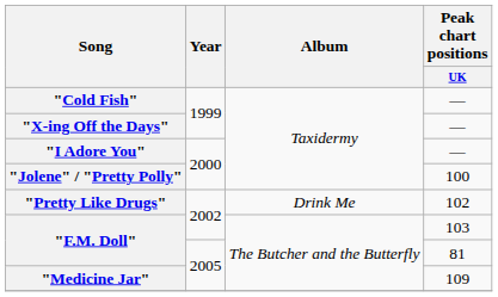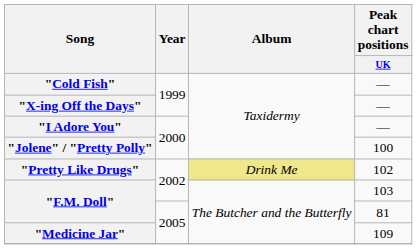 <table class="wikitable plainrowheaders" style="text-align:center;" border="1">
 <tr>
 <th rowspan="2">Song</th>
 <th rowspan="2">Year</th>
 <th rowspan="2">Album</th>
 <th colspan="1">Peak chart positions</th>
 </tr>
 <tr>
 <th style="width:3em;font-size:75%"><a href='#'>UK</a><br></th>
 </tr>
 <tr>
 <th scope="row">"<a href='#'>Cold Fish</a>"</th>
 <td rowspan="2">1999</td>
 <td rowspan="4"><em>Taxidermy</em></td>
 <td>—</td>
 </tr>
 <tr>
 <th scope="row">"<a href='#'>X-ing Off the Days</a>"</th>
 <td>—</td>
 </tr>
 <tr>
 <th scope="row">"<a href='#'>I Adore You</a>"</th>
 <td rowspan="2">2000</td>
 <td>—</td>
 </tr>
 <tr>
 <th scope="row">"<a href='#'>Jolene</a>" / "<a href='#'>Pretty Polly</a>"</th>
 <td>100</td>
 </tr>
 <tr>
 <th scope="row">"<a href='#'>Pretty Like Drugs</a>"</th>
 <td rowspan="2">2002</td>
-<td><em>Drink Me</em></td>
+<td style="background: khaki;"><em>Drink Me</em></td>
 <td>102</td>
 </tr>
 <tr>
 <th rowspan="2" scope="row">"<a href='#'>F.M. Doll</a>"</th>
 <td rowspan="3"><em>The Butcher and the Butterfly</em></td>
 <td>103</td>
 </tr>
 <tr>
 <td rowspan="2">2005</td>
 <td>81</td>
 </tr>
 <tr>
 <th scope="row">"<a href='#'>Medicine Jar</a>"</th>
 <td>109</td>
 </tr>
 <tr>
 </tr>
 </table>
